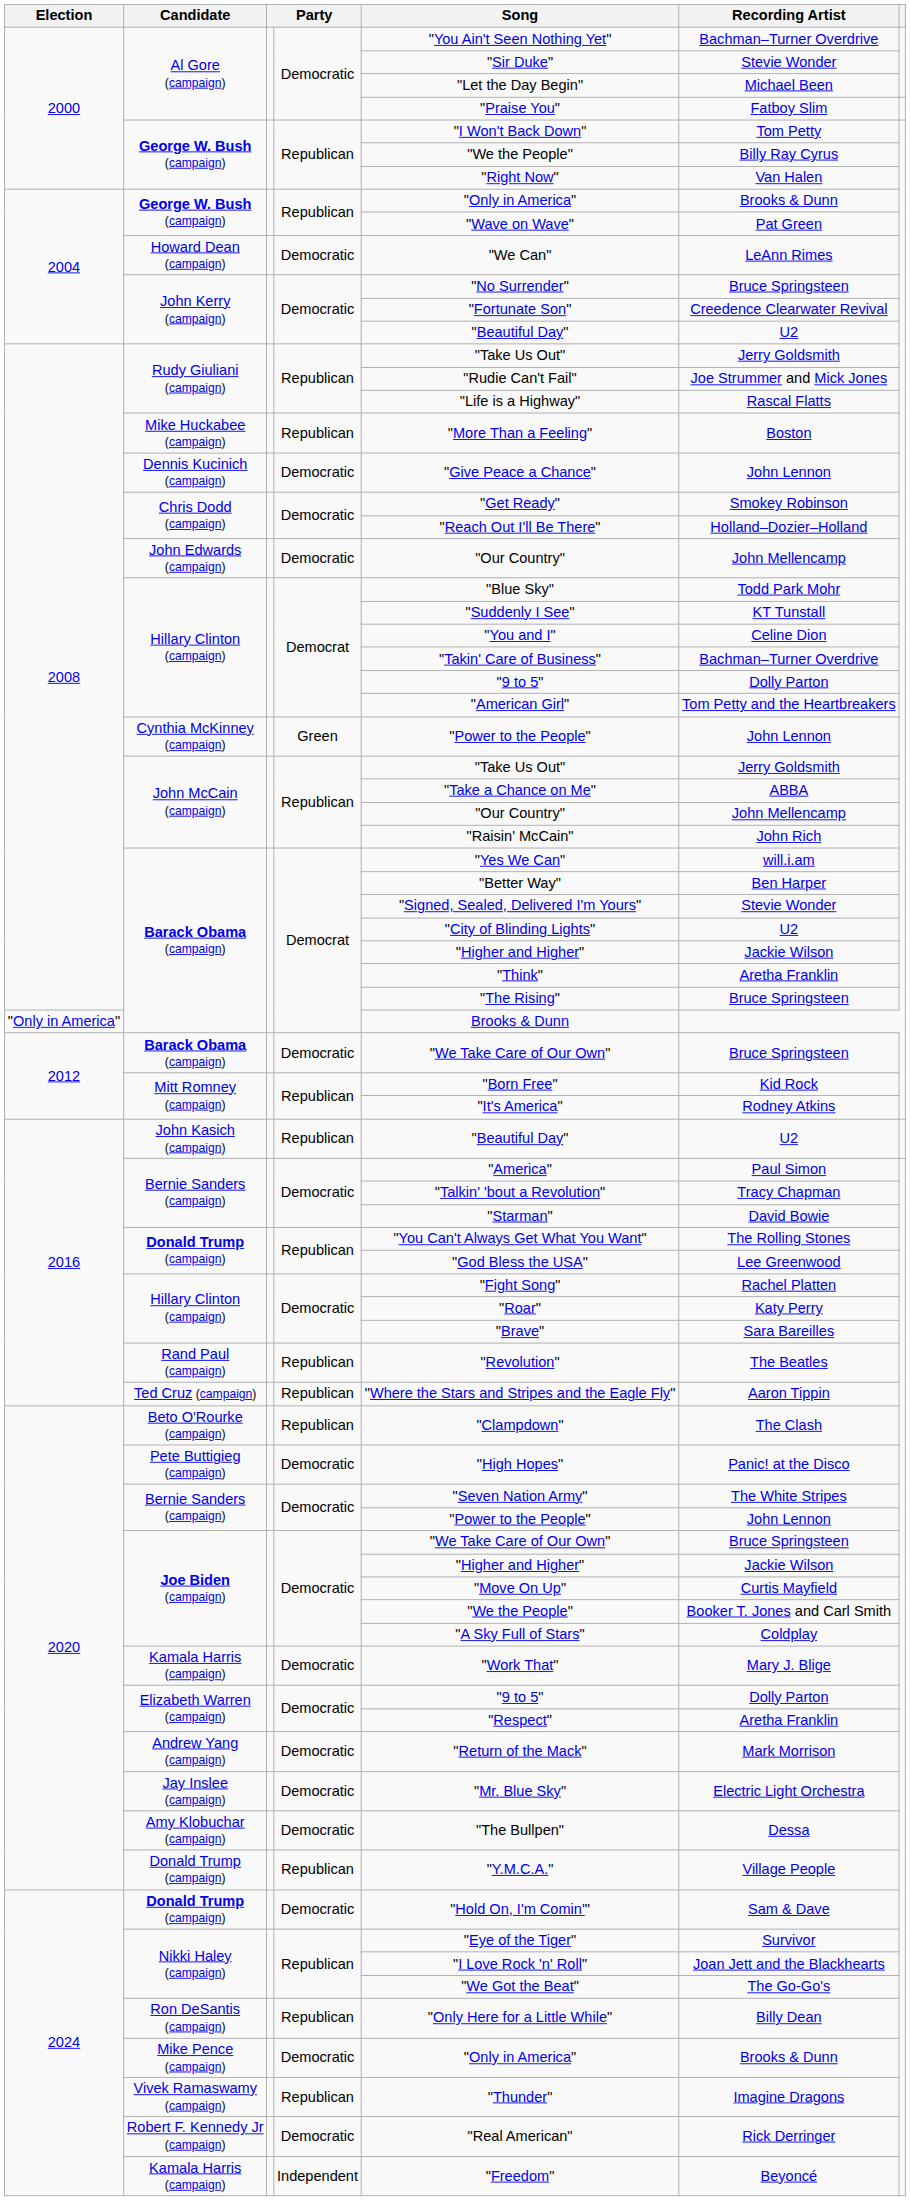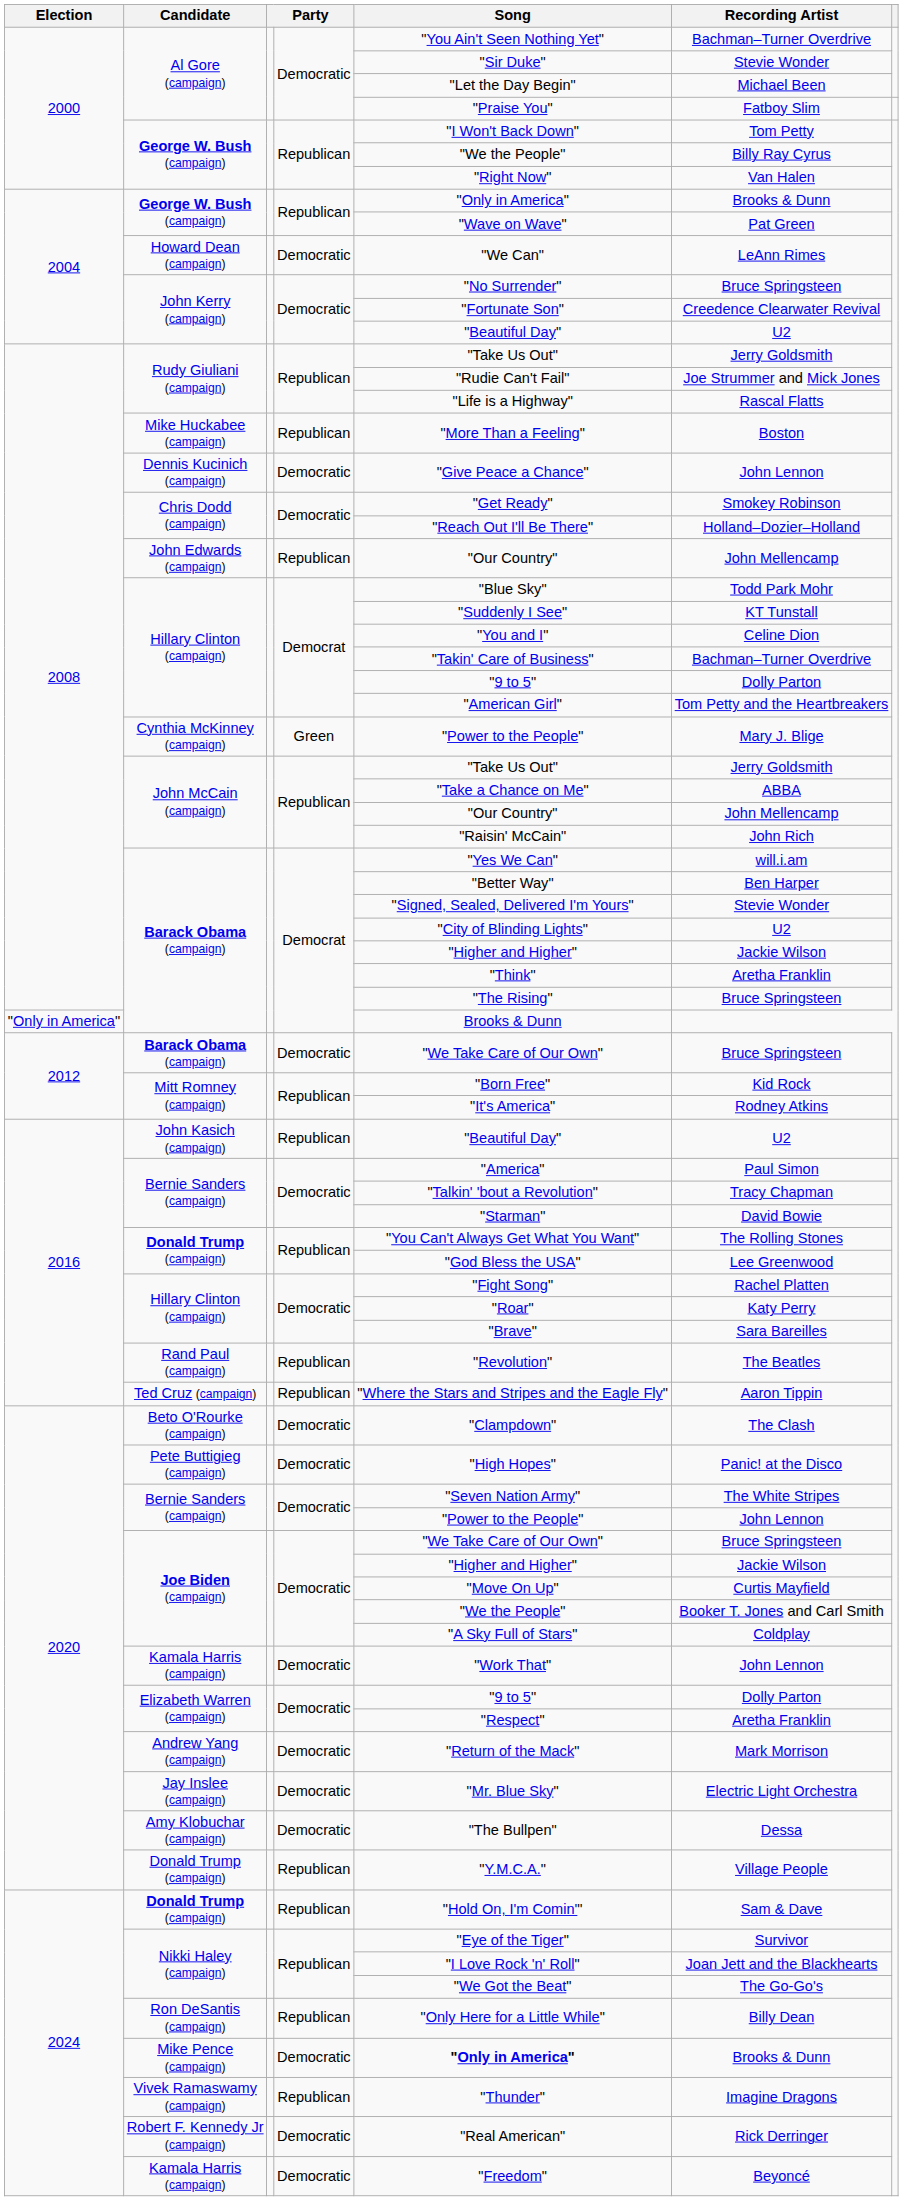 <table class="wikitable"  style="text-align:center">
 <tr>
 <th>Election</th>
 <th>Candidate</th>
 <th colspan="2">Party</th>
 <th>Song</th>
 <th>Recording Artist</th>
 <th></th>
 </tr>
 <tr>
 <td rowspan="7"><a href='#'>2000</a></td>
 <td rowspan="4"><a href='#'>Al Gore</a><br> <small>(<a href='#'>campaign</a>)</small></td>
 <td rowspan="4" style="background:"></td>
 <td rowspan="4">Democratic</td>
 <td>"<a href='#'>You Ain't Seen Nothing Yet</a>"</td>
 <td><a href='#'>Bachman–Turner Overdrive</a></td>
 </tr>
 <tr>
 <td>"<a href='#'>Sir Duke</a>"</td>
 <td><a href='#'>Stevie Wonder</a></td>
 </tr>
 <tr>
 <td>"Let the Day Begin"</td>
 <td><a href='#'>Michael Been</a></td>
 </tr>
 <tr>
 <td>"<a href='#'>Praise You</a>"</td>
 <td><a href='#'>Fatboy Slim</a></td>
 <td></td>
 </tr>
 <tr>
 <td rowspan="3"><strong><a href='#'>George W. Bush</a></strong><br> <small>(<a href='#'>campaign</a>)</small></td>
 <td rowspan="3" style="background:"></td>
 <td rowspan="3">Republican</td>
 <td>"<a href='#'>I Won't Back Down</a>"</td>
 <td><a href='#'>Tom Petty</a></td>
 </tr>
 <tr>
 <td>"We the People"</td>
 <td><a href='#'>Billy Ray Cyrus</a></td>
 </tr>
 <tr>
 <td>"<a href='#'>Right Now</a>"</td>
 <td><a href='#'>Van Halen</a></td>
 </tr>
 <tr>
 <td rowspan="6"><a href='#'>2004</a></td>
 <td rowspan="2"><strong><a href='#'>George W. Bush</a></strong><br> <small>(<a href='#'>campaign</a>)</small></td>
 <td rowspan="2" style="background:"></td>
 <td rowspan="2">Republican</td>
 <td>"<a href='#'>Only in America</a>"</td>
 <td><a href='#'>Brooks & Dunn</a></td>
 </tr>
 <tr>
 <td>"<a href='#'>Wave on Wave</a>"</td>
 <td><a href='#'>Pat Green</a></td>
 </tr>
 <tr>
 <td><a href='#'>Howard Dean</a><br><small>(<a href='#'>campaign</a>)</small></td>
 <td style="background:"></td>
 <td>Democratic</td>
 <td>"We Can"</td>
 <td><a href='#'>LeAnn Rimes</a></td>
 </tr>
 <tr>
 <td rowspan="3"><a href='#'>John Kerry</a><br> <small>(<a href='#'>campaign</a>)</small></td>
 <td rowspan="3" style="background:"></td>
 <td rowspan="3">Democratic</td>
 <td>"<a href='#'>No Surrender</a>"</td>
 <td><a href='#'>Bruce Springsteen</a></td>
 </tr>
 <tr>
 <td>"<a href='#'>Fortunate Son</a>"</td>
 <td><a href='#'>Creedence Clearwater Revival</a></td>
 </tr>
 <tr>
 <td>"<a href='#'>Beautiful Day</a>"</td>
 <td><a href='#'>U2</a></td>
 </tr>
 <tr>
 <td rowspan="26"><a href='#'>2008</a></td>
 <td rowspan="3"><a href='#'>Rudy Giuliani</a><br> <small>(<a href='#'>campaign</a>)</small></td>
 <td rowspan="3" style="background:"></td>
 <td rowspan="3">Republican</td>
 <td>"Take Us Out"</td>
 <td><a href='#'>Jerry Goldsmith</a></td>
 </tr>
 <tr>
 <td>"Rudie Can't Fail"</td>
 <td><a href='#'>Joe Strummer</a> and <a href='#'>Mick Jones</a></td>
 </tr>
 <tr>
 <td>"Life is a Highway"</td>
 <td><a href='#'>Rascal Flatts</a></td>
 </tr>
 <tr>
 <td><a href='#'>Mike Huckabee</a><br> <small>(<a href='#'>campaign</a>)</small></td>
 <td style="background:"></td>
 <td>Republican</td>
 <td>"<a href='#'>More Than a Feeling</a>"</td>
 <td><a href='#'>Boston</a></td>
 </tr>
 <tr>
 <td><a href='#'>Dennis Kucinich</a><br> <small>(<a href='#'>campaign</a>)</small></td>
 <td style="background:"></td>
 <td>Democratic</td>
 <td>"<a href='#'>Give Peace a Chance</a>"</td>
 <td><a href='#'>John Lennon</a></td>
 </tr>
 <tr>
 <td rowspan="2"><a href='#'>Chris Dodd</a><br> <small>(<a href='#'>campaign</a>)</small></td>
 <td rowspan="2" style="background:"></td>
 <td rowspan="2">Democratic</td>
 <td>"<a href='#'>Get Ready</a>"</td>
 <td><a href='#'>Smokey Robinson</a></td>
 </tr>
 <tr>
 <td>"<a href='#'>Reach Out I'll Be There</a>"</td>
 <td><a href='#'>Holland–Dozier–Holland</a></td>
 </tr>
 <tr>
 <td><a href='#'>John Edwards</a><br> <small>(<a href='#'>campaign</a>)</small></td>
 <td style="background:"></td>
-<td>Democratic</td>
+<td>Republican</td>
 <td>"Our Country"</td>
 <td><a href='#'>John Mellencamp</a></td>
 </tr>
 <tr>
 <td rowspan="6"><a href='#'>Hillary Clinton</a><br> <small>(<a href='#'>campaign</a>)</small></td>
 <td rowspan="6" style="background:"></td>
 <td rowspan="6">Democrat</td>
 <td>"Blue Sky"</td>
 <td><a href='#'>Todd Park Mohr</a></td>
 </tr>
 <tr>
 <td>"<a href='#'>Suddenly I See</a>"</td>
 <td><a href='#'>KT Tunstall</a></td>
 </tr>
 <tr>
 <td>"<a href='#'>You and I</a>"</td>
 <td><a href='#'>Celine Dion</a></td>
 </tr>
 <tr>
 <td>"<a href='#'>Takin' Care of Business</a>"</td>
 <td><a href='#'>Bachman–Turner Overdrive</a></td>
 </tr>
 <tr>
 <td>"<a href='#'>9 to 5</a>"</td>
 <td><a href='#'>Dolly Parton</a></td>
 </tr>
 <tr>
 <td>"<a href='#'>American Girl</a>"</td>
 <td><a href='#'>Tom Petty and the Heartbreakers</a></td>
 </tr>
 <tr>
 <td><a href='#'>Cynthia McKinney</a><br> <small>(<a href='#'>campaign</a>)</small></td>
 <td style="background:"></td>
 <td>Green</td>
 <td>"<a href='#'>Power to the People</a>"</td>
-<td><a href='#'>John Lennon</a></td>
+<td><a href='#'>Mary J. Blige</a></td>
 </tr>
 <tr>
 <td rowspan="4"><a href='#'>John McCain</a><br> <small>(<a href='#'>campaign</a>)</small></td>
 <td rowspan="4" style="background:"></td>
 <td rowspan="4">Republican</td>
 <td>"Take Us Out"</td>
 <td><a href='#'>Jerry Goldsmith</a></td>
 </tr>
 <tr>
 <td>"<a href='#'>Take a Chance on Me</a>"</td>
 <td><a href='#'>ABBA</a></td>
 </tr>
 <tr>
 <td>"Our Country"</td>
 <td><a href='#'>John Mellencamp</a></td>
 </tr>
 <tr>
 <td>"Raisin' McCain"</td>
 <td><a href='#'>John Rich</a></td>
 </tr>
 <tr>
 <td rowspan="8"><strong><a href='#'>Barack Obama</a></strong><br> <small>(<a href='#'>campaign</a>)</small></td>
 <td rowspan="8" style="background:"></td>
 <td rowspan="8">Democrat</td>
 <td>"<a href='#'>Yes We Can</a>"</td>
 <td><a href='#'>will.i.am</a></td>
 </tr>
 <tr>
 <td>"Better Way"</td>
 <td><a href='#'>Ben Harper</a></td>
 </tr>
 <tr>
 <td>"<a href='#'>Signed, Sealed, Delivered I'm Yours</a>"</td>
 <td><a href='#'>Stevie Wonder</a></td>
 </tr>
 <tr>
 <td>"<a href='#'>City of Blinding Lights</a>"</td>
 <td><a href='#'>U2</a></td>
 </tr>
 <tr>
 <td>"<a href='#'>Higher and Higher</a>"</td>
 <td><a href='#'>Jackie Wilson</a></td>
 </tr>
 <tr>
 <td>"<a href='#'>Think</a>"</td>
 <td><a href='#'>Aretha Franklin</a></td>
 </tr>
 <tr>
 <td>"<a href='#'>The Rising</a>"</td>
 <td><a href='#'>Bruce Springsteen</a></td>
 </tr>
 <tr>
 <td>"<a href='#'>Only in America</a>"</td>
 <td><a href='#'>Brooks & Dunn</a></td>
 </tr>
 <tr>
 <td rowspan="3"><a href='#'>2012</a></td>
 <td><strong><a href='#'>Barack Obama</a></strong> <br><small> (<a href='#'>campaign</a>)</small></td>
 <td style="background:"></td>
 <td>Democratic</td>
 <td>"<a href='#'>We Take Care of Our Own</a>"</td>
 <td><a href='#'>Bruce Springsteen</a></td>
 </tr>
 <tr>
 <td rowspan="2"><a href='#'>Mitt Romney</a><br> <small>(<a href='#'>campaign</a>)</small></td>
 <td rowspan="2" style="background:"></td>
 <td rowspan="2">Republican</td>
 <td>"<a href='#'>Born Free</a>"</td>
 <td><a href='#'>Kid Rock</a></td>
 </tr>
 <tr>
 <td>"<a href='#'>It's America</a>"</td>
 <td><a href='#'>Rodney Atkins</a></td>
 </tr>
 <tr>
 <td rowspan="11"><a href='#'>2016</a></td>
 <td><a href='#'>John Kasich</a><br> <small>(<a href='#'>campaign</a>)</small></td>
 <td style="background:"></td>
 <td>Republican</td>
 <td>"<a href='#'>Beautiful Day</a>"</td>
 <td><a href='#'>U2</a></td>
 <td></td>
 </tr>
 <tr>
 <td rowspan="3"><a href='#'>Bernie Sanders</a><br> <small>(<a href='#'>campaign</a>)</small></td>
 <td rowspan="3" style="background:"></td>
 <td rowspan="3">Democratic</td>
 <td>"<a href='#'>America</a>"</td>
 <td><a href='#'>Paul Simon</a></td>
 </tr>
 <tr>
 <td>"<a href='#'>Talkin' 'bout a Revolution</a>"</td>
 <td><a href='#'>Tracy Chapman</a></td>
 </tr>
 <tr>
 <td>"<a href='#'>Starman</a>"</td>
 <td><a href='#'>David Bowie</a></td>
 </tr>
 <tr>
 <td rowspan="2"><strong><a href='#'>Donald Trump</a></strong><br> <small>(<a href='#'>campaign</a>)</small></td>
 <td rowspan="2" style="background:"></td>
 <td rowspan="2">Republican</td>
 <td>"<a href='#'>You Can't Always Get What You Want</a>"</td>
 <td><a href='#'>The Rolling Stones</a></td>
 </tr>
 <tr>
 <td>"<a href='#'>God Bless the USA</a>"</td>
 <td><a href='#'>Lee Greenwood</a></td>
 </tr>
 <tr>
 <td rowspan="3"><a href='#'>Hillary Clinton</a><br> <small>(<a href='#'>campaign</a>)</small></td>
 <td rowspan="3" style="background:"></td>
 <td rowspan="3">Democratic</td>
 <td>"<a href='#'>Fight Song</a>"</td>
 <td><a href='#'>Rachel Platten</a></td>
 </tr>
 <tr>
 <td>"<a href='#'>Roar</a>"</td>
 <td><a href='#'>Katy Perry</a></td>
 </tr>
 <tr>
 <td>"<a href='#'>Brave</a>"</td>
 <td><a href='#'>Sara Bareilles</a></td>
 </tr>
 <tr>
 <td><a href='#'>Rand Paul</a> <br><small>(<a href='#'>campaign</a>)</small></td>
 <td style="background:"></td>
 <td>Republican</td>
 <td>"<a href='#'>Revolution</a>"</td>
 <td><a href='#'>The Beatles</a></td>
 </tr>
 <tr>
 <td><a href='#'>Ted Cruz</a><small> (<a href='#'>campaign</a>)</small></td>
 <td style="background:"></td>
 <td>Republican</td>
 <td>"<a href='#'>Where the Stars and Stripes and the Eagle Fly</a>"</td>
 <td><a href='#'>Aaron Tippin</a></td>
 </tr>
 <tr>
 <td rowspan="16"><a href='#'>2020</a></td>
 <td><a href='#'>Beto O'Rourke</a><br> <small>(<a href='#'>campaign</a>)</small></td>
 <td style="background:"></td>
-<td>Republican</td>
+<td>Democratic</td>
 <td>"<a href='#'>Clampdown</a>"</td>
 <td><a href='#'>The Clash</a></td>
 </tr>
 <tr>
 <td><a href='#'>Pete Buttigieg</a><br> <small>(<a href='#'>campaign</a>)</small></td>
 <td style="background:"></td>
 <td>Democratic</td>
 <td>"<a href='#'>High Hopes</a>"</td>
 <td><a href='#'>Panic! at the Disco</a></td>
 </tr>
 <tr>
 <td rowspan="2"><a href='#'>Bernie Sanders</a><br> <small>(<a href='#'>campaign</a>)</small></td>
 <td rowspan="2" style="background:"></td>
 <td rowspan="2">Democratic</td>
 <td>"<a href='#'>Seven Nation Army</a>"</td>
 <td><a href='#'>The White Stripes</a></td>
 </tr>
 <tr>
 <td>"<a href='#'>Power to the People</a>"</td>
 <td><a href='#'>John Lennon</a></td>
 </tr>
 <tr>
 <td rowspan="5"><strong><a href='#'>Joe Biden</a></strong><br> <small>(<a href='#'>campaign</a>)</small></td>
 <td rowspan="5" style="background:"></td>
 <td rowspan="5">Democratic</td>
 <td>"<a href='#'>We Take Care of Our Own</a>"</td>
 <td><a href='#'>Bruce Springsteen</a></td>
 </tr>
 <tr>
 <td>"<a href='#'>Higher and Higher</a>"</td>
 <td><a href='#'>Jackie Wilson</a></td>
 </tr>
 <tr>
 <td>"<a href='#'>Move On Up</a>"</td>
 <td><a href='#'>Curtis Mayfield</a></td>
 </tr>
 <tr>
 <td>"<a href='#'>We the People</a>"</td>
 <td><a href='#'>Booker T. Jones</a> and Carl Smith</td>
 </tr>
 <tr>
 <td>"<a href='#'>A Sky Full of Stars</a>"</td>
 <td><a href='#'>Coldplay</a></td>
 </tr>
 <tr>
 <td><a href='#'>Kamala Harris</a><br> <small>(<a href='#'>campaign</a>)</small></td>
 <td style="background:"></td>
 <td>Democratic</td>
 <td>"<a href='#'>Work That</a>"</td>
-<td><a href='#'>Mary J. Blige</a></td>
+<td><a href='#'>John Lennon</a></td>
 </tr>
 <tr>
 <td rowspan="2"><a href='#'>Elizabeth Warren</a><br> <small>(<a href='#'>campaign</a>)</small></td>
 <td rowspan="2" style="background:"></td>
 <td rowspan="2">Democratic</td>
 <td>"<a href='#'>9 to 5</a>"</td>
 <td><a href='#'>Dolly Parton</a></td>
 </tr>
 <tr>
 <td>"<a href='#'>Respect</a>"</td>
 <td><a href='#'>Aretha Franklin</a></td>
 </tr>
 <tr>
 <td><a href='#'>Andrew Yang</a><br> <small>(<a href='#'>campaign</a>)</small></td>
 <td style="background:"></td>
 <td>Democratic</td>
 <td>"<a href='#'>Return of the Mack</a>"</td>
 <td><a href='#'>Mark Morrison</a></td>
 </tr>
 <tr>
 <td><a href='#'>Jay Inslee</a><br> <small>(<a href='#'>campaign</a>)</small></td>
 <td style="background:"></td>
 <td>Democratic</td>
 <td>"<a href='#'>Mr. Blue Sky</a>"</td>
 <td><a href='#'>Electric Light Orchestra</a></td>
 </tr>
 <tr>
 <td><a href='#'>Amy Klobuchar</a><br> <small>(<a href='#'>campaign</a>)</small></td>
 <td style="background:"></td>
 <td>Democratic</td>
 <td>"The Bullpen"</td>
 <td><a href='#'>Dessa</a></td>
 </tr>
 <tr>
 <td><a href='#'>Donald Trump</a><br> <small>(<a href='#'>campaign</a>)</small></td>
 <td style="background:"></td>
 <td>Republican</td>
 <td>"<a href='#'>Y.M.C.A.</a>"</td>
 <td><a href='#'>Village People</a></td>
 </tr>
 <tr>
 <td rowspan="9"><a href='#'>2024</a></td>
 <td><strong><a href='#'>Donald Trump</a></strong><br> <small>(<a href='#'>campaign</a>)</small></td>
 <td style="background:"></td>
-<td>Democratic</td>
+<td>Republican</td>
 <td>"<a href='#'>Hold On, I'm Comin'</a>"</td>
 <td><a href='#'>Sam & Dave</a></td>
 </tr>
 <tr>
 <td rowspan="3"><a href='#'>Nikki Haley</a><br> <small>(<a href='#'>campaign</a>)</small></td>
 <td rowspan="3" style="background:"></td>
 <td rowspan="3">Republican</td>
 <td>"<a href='#'>Eye of the Tiger</a>"</td>
 <td><a href='#'>Survivor</a></td>
 </tr>
 <tr>
 <td>"<a href='#'>I Love Rock 'n' Roll</a>"</td>
 <td><a href='#'>Joan Jett and the Blackhearts</a></td>
 </tr>
 <tr>
 <td>"<a href='#'>We Got the Beat</a>"</td>
 <td><a href='#'>The Go-Go's</a></td>
 </tr>
 <tr>
 <td><a href='#'>Ron DeSantis</a><br> <small>(<a href='#'>campaign</a>)</small></td>
 <td style="background:"></td>
 <td>Republican</td>
 <td>"<a href='#'>Only Here for a Little While</a>"</td>
 <td><a href='#'>Billy Dean</a></td>
 </tr>
 <tr>
 <td><a href='#'>Mike Pence</a><br> <small>(<a href='#'>campaign</a>)</small></td>
 <td style="background:"></td>
 <td>Democratic</td>
-<td>"<a href='#'>Only in America</a>"</td>
+<td><strong>"<a href='#'>Only in America</a>"</strong></td>
 <td><a href='#'>Brooks & Dunn</a></td>
 </tr>
 <tr>
 <td><a href='#'>Vivek Ramaswamy</a><br><small>(<a href='#'>campaign</a>)</small></td>
 <td style="background:"></td>
 <td>Republican</td>
 <td>"<a href='#'>Thunder</a>"</td>
 <td><a href='#'>Imagine Dragons</a></td>
 </tr>
 <tr>
 <td><a href='#'>Robert F. Kennedy Jr</a><br><small>(<a href='#'>campaign</a>)</small></td>
 <td style="background:"></td>
 <td>Democratic</td>
 <td>"Real American"</td>
 <td><a href='#'>Rick Derringer</a></td>
 </tr>
 <tr>
 <td><a href='#'>Kamala Harris</a><br><small>(<a href='#'>campaign</a>)</small></td>
 <td style="background:"></td>
-<td>Independent</td>
+<td>Democratic</td>
 <td>"<a href='#'>Freedom</a>"</td>
 <td><a href='#'>Beyoncé</a></td>
 </tr>
 </table>
